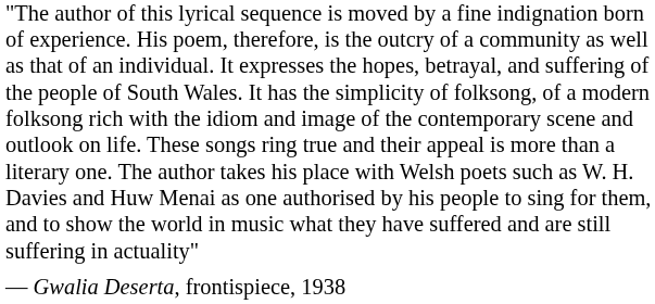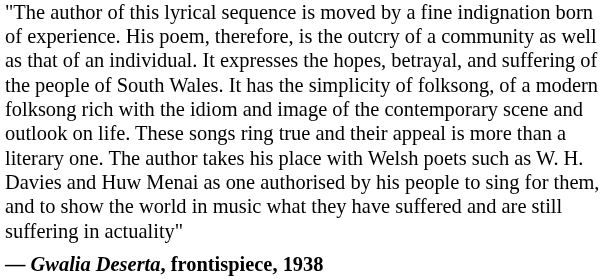 <table class="toccolours" style="float:right; margin-right:1em; margin-left:0; font-size:84%; background:#white; color:black; width:30em; max-width:30%;" cellspacing="4">
 <tr>
 <td style="text-align: left;">"The author of this lyrical sequence is moved by a fine indignation born of experience. His poem, therefore, is the outcry of a community as well as that of an individual. It expresses the hopes, betrayal, and suffering of the people of South Wales. It has the simplicity of folksong, of a modern folksong rich with the idiom and image of the contemporary scene and outlook on life. These songs ring true and their appeal is more than a literary one. The author takes his place with Welsh poets such as W. H. Davies and Huw Menai as one authorised by his people to sing for them, and to show the world in music what they have suffered and are still suffering in actuality"</td>
 </tr>
 <tr>
-<td style="text-align: left;">— <em>Gwalia Deserta</em>, frontispiece, 1938</td>
+<td style="text-align: left;"><strong>— <em>Gwalia Deserta</em>, frontispiece, 1938</strong></td>
 </tr>
 </table>
